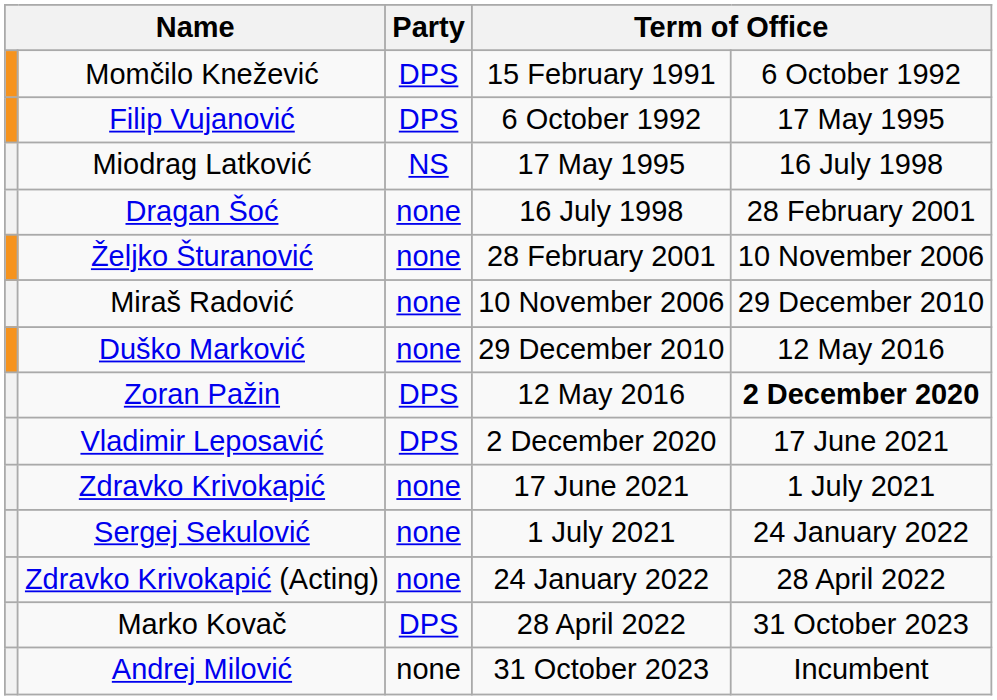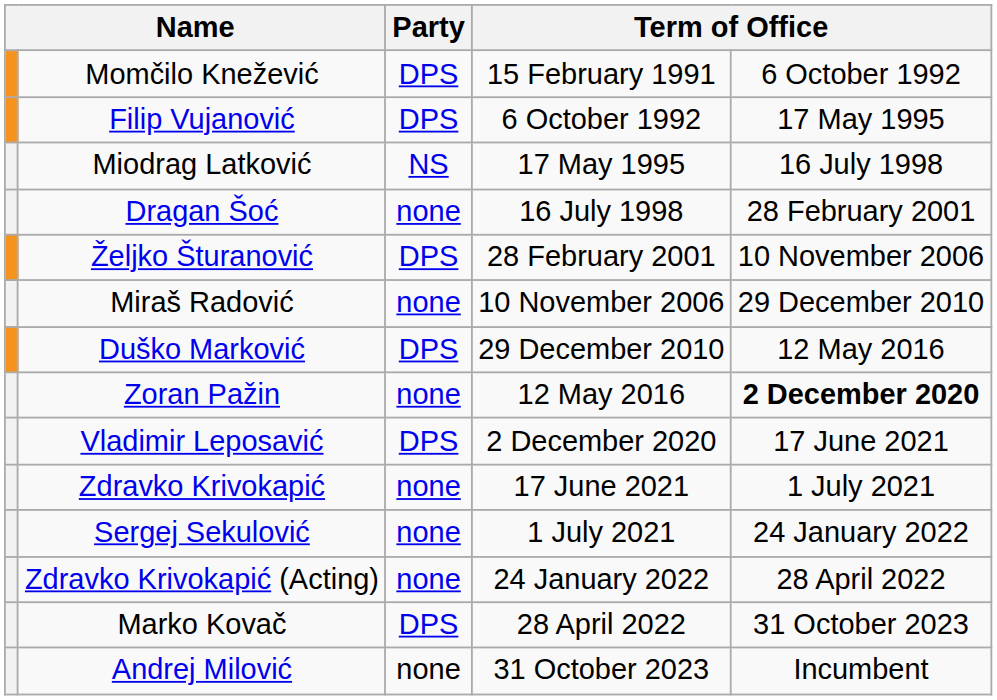 <table class="wikitable" style="text-align:center;">
 <tr>
 <th colspan=2>Name<br></th>
 <th>Party</th>
 <th colspan=2>Term of Office</th>
 </tr>
 <tr>
 <th style="background:#F6931D;"></th>
 <td>Momčilo Knežević<br></td>
 <td><a href='#'>DPS</a></td>
 <td>15 February 1991</td>
 <td>6 October 1992</td>
 </tr>
 <tr>
 <th style="background:#F6931D;"></th>
 <td><a href='#'>Filip Vujanović</a><br></td>
 <td><a href='#'>DPS</a></td>
 <td>6 October 1992</td>
 <td>17 May 1995</td>
 </tr>
 <tr>
 <th style="background:"></th>
 <td>Miodrag Latković<br></td>
 <td><a href='#'>NS</a></td>
 <td>17 May 1995</td>
 <td>16 July 1998</td>
 </tr>
 <tr>
 <th style="background:"></th>
 <td><a href='#'>Dragan Šoć</a><br></td>
 <td><a href='#'>none</a></td>
 <td>16 July 1998</td>
 <td>28 February 2001</td>
 </tr>
 <tr>
 <th style="background:#F6931D;"></th>
 <td><a href='#'>Željko Šturanović</a><br></td>
-<td><a href='#'>none</a></td>
+<td><a href='#'>DPS</a></td>
 <td>28 February 2001</td>
 <td>10 November 2006</td>
 </tr>
 <tr>
 <th style="background:"></th>
 <td>Miraš Radović<br></td>
 <td><a href='#'>none</a></td>
 <td>10 November 2006</td>
 <td>29 December 2010</td>
 </tr>
 <tr>
 <th style="background:#F6931D;"></th>
 <td><a href='#'>Duško Marković</a><br></td>
-<td><a href='#'>none</a></td>
+<td><a href='#'>DPS</a></td>
 <td>29 December 2010</td>
 <td>12 May 2016</td>
 </tr>
 <tr>
 <th style="background:"></th>
 <td><a href='#'>Zoran Pažin</a><br></td>
-<td><a href='#'>DPS</a></td>
+<td><a href='#'>none</a></td>
 <td>12 May 2016</td>
 <td><strong>2 December 2020</strong></td>
 </tr>
 <tr>
 <th style="background:"></th>
 <td><a href='#'>Vladimir Leposavić</a><br></td>
 <td><a href='#'>DPS</a></td>
 <td>2 December 2020</td>
 <td>17 June 2021</td>
 </tr>
 <tr>
 <th style="background:"></th>
 <td><a href='#'>Zdravko Krivokapić</a><br></td>
 <td><a href='#'>none</a></td>
 <td>17 June 2021</td>
 <td>1 July 2021</td>
 </tr>
 <tr>
 <th style="background:"></th>
 <td><a href='#'>Sergej Sekulović</a><br></td>
 <td><a href='#'>none</a></td>
 <td>1 July 2021</td>
 <td>24 January 2022</td>
 </tr>
 <tr>
 <th style="background:"></th>
 <td><a href='#'>Zdravko Krivokapić</a> (Acting)<br></td>
 <td><a href='#'>none</a></td>
 <td>24 January 2022</td>
 <td>28 April 2022</td>
 </tr>
 <tr>
 <th style="background:"></th>
 <td>Marko Kovač<br></td>
 <td><a href='#'>DPS</a></td>
 <td>28 April 2022</td>
 <td>31 October 2023</td>
 </tr>
 <tr>
 <th style="background:"></th>
 <td><a href='#'>Andrej Milović</a></td>
 <td>none</td>
 <td>31 October 2023</td>
 <td>Incumbent</td>
 </tr>
 </table>
